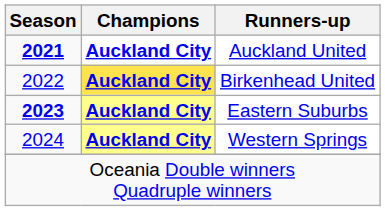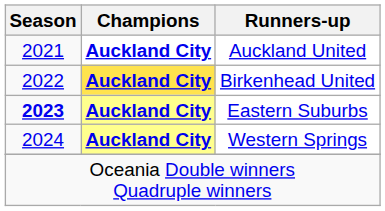 <table class="wikitable sortable" style="text-align:center;font-size:90%;float:right;margin-left:1em">
 <tr>
 <th>Season</th>
 <th>Champions</th>
 <th>Runners-up</th>
 </tr>
 <tr>
-<td><strong><a href='#'>2021</a></strong></td>
+<td><a href='#'>2021</a></td>
 <td style="background:#FFFFFF"><strong><a href='#'>Auckland City</a></strong></td>
 <td style="background:#FFFFFF"><a href='#'>Auckland United</a></td>
 </tr>
 <tr>
 <td><a href='#'>2022</a></td>
 <td style="background:#FFE34D"><strong><a href='#'>Auckland City</a></strong></td>
 <td style="background:#FFFFFF"><a href='#'>Birkenhead United</a></td>
 </tr>
 <tr>
 <td><strong><a href='#'>2023</a></strong></td>
 <td style="background:#FFFF8D"><strong><a href='#'>Auckland City</a></strong></td>
 <td style="background:#FFFFFF"><a href='#'>Eastern Suburbs</a></td>
 </tr>
 <tr>
 <td><a href='#'>2024</a></td>
 <td style="background:#FFFF8D"><strong><a href='#'>Auckland City</a></strong></td>
 <td style="background:#FFFFFF"><a href='#'>Western Springs</a></td>
 </tr>
 <tr>
 </tr>
 <tr class="sortbottom">
 <td colspan="3"> Oceania <a href='#'>Double winners</a><br> <a href='#'>Quadruple winners</a><br></td>
 </tr>
 </table>
